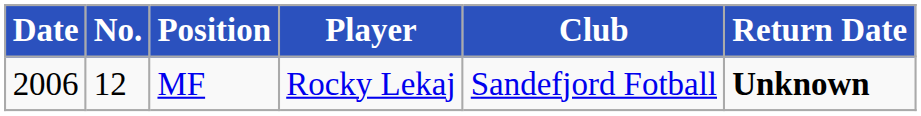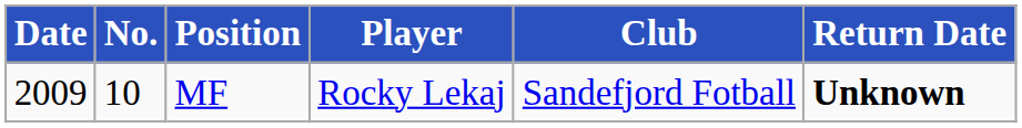 <table class="wikitable">
 <tr>
 <th style="background:#2B51BE; color:#FFFFFF; ">Date</th>
 <th style="background:#2B51BE; color:#FFFFFF; ">No.</th>
 <th style="background:#2B51BE; color:#FFFFFF; ">Position</th>
 <th style="background:#2B51BE; color:#FFFFFF; ">Player</th>
 <th style="background:#2B51BE; color:#FFFFFF; ">Club</th>
 <th style="background:#2B51BE; color:#FFFFFF; ">Return Date</th>
 </tr>
 <tr>
-<td>2006</td>
-<td>12</td>
+<td>2009</td>
+<td>10</td>
 <td><a href='#'>MF</a></td>
 <td><a href='#'>Rocky Lekaj</a></td>
 <td><a href='#'>Sandefjord Fotball</a></td>
 <td><strong> Unknown</strong></td>
 </tr>
 </table>
